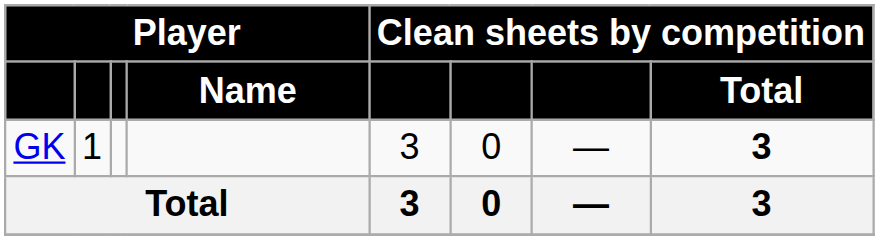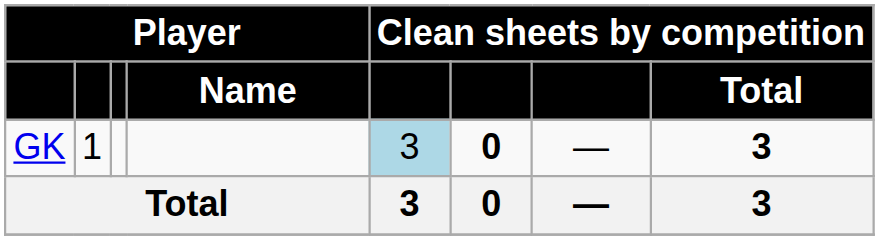 <table class="wikitable sortable" style="text-align:center;">
 <tr>
 <th style="background:#000; color:#fff;" colspan=4 scope="colgroup">Player</th>
 <th style="background:#000; color:#fff;" colspan=4 scope="colgroup">Clean sheets by competition</th>
 </tr>
 <tr>
 <th style="background:#000; color:#fff;" scope="col"></th>
 <th style="background:#000; color:#fff;" scope="col"></th>
 <th style="background:#000; color:#fff;" scope="col"></th>
 <th style="background:#000; color:#fff; width:100px;" scope="col">Name</th>
 <th style="background:#000; color:#fff;" scope="col"></th>
 <th style="background:#000; color:#fff;" scope="col"></th>
 <th style="background:#000; color:#fff;" scope="col"></th>
 <th style="background:#000; color:#fff;" scope="col">Total</th>
 </tr>
 <tr>
 <td><a href='#'>GK</a></td>
 <td>1</td>
 <td></td>
 <td></td>
-<td>3</td>
-<td>0</td>
+<td style="background: lightblue;">3</td>
+<td><strong>0</strong></td>
 <td>—</td>
 <td><strong>3</strong></td>
 </tr>
 <tr>
 <th colspan=4 scope="row">Total</th>
 <th>3</th>
 <th>0</th>
 <th>—</th>
 <th>3</th>
 </tr>
 <tr>
 </tr>
 </table>
